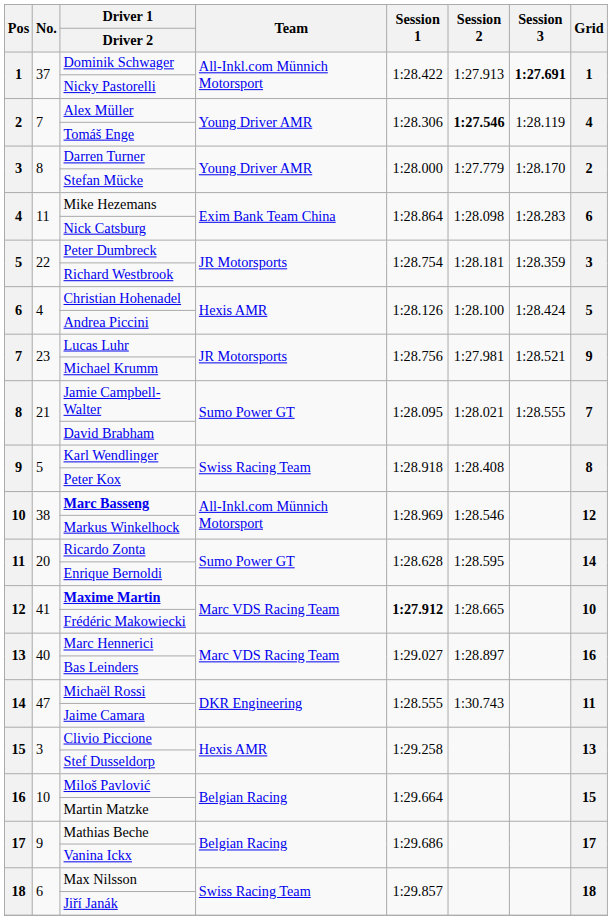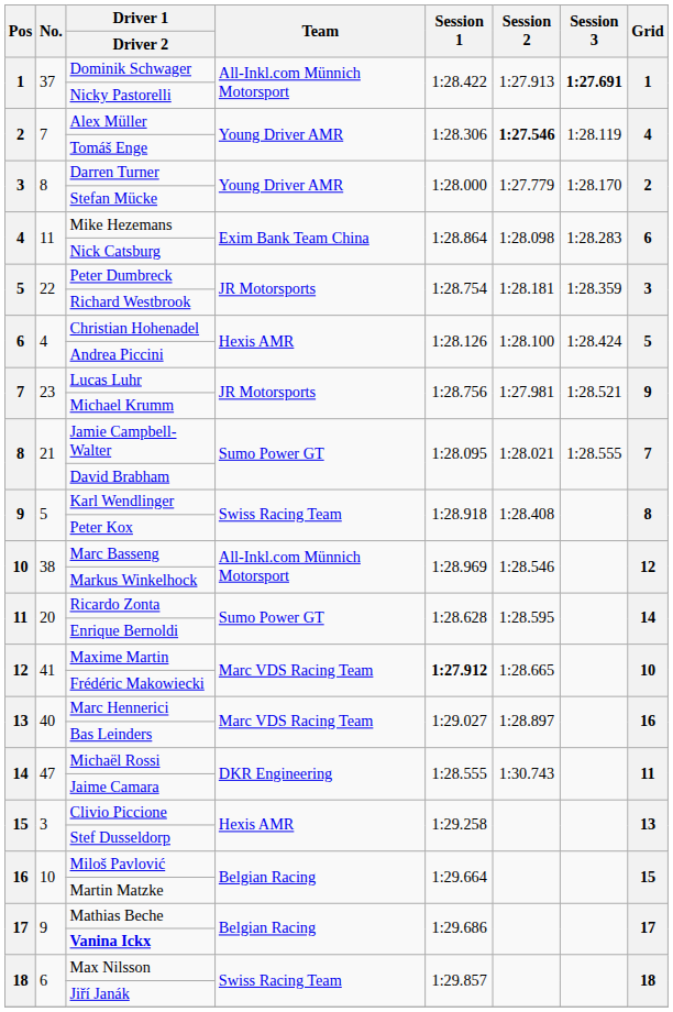 <table class="wikitable" style="font-size: 90%;">
 <tr>
 <th rowspan=2>Pos</th>
 <th rowspan=2>No.</th>
 <th>Driver 1</th>
 <th rowspan=2>Team</th>
 <th rowspan=2>Session 1</th>
 <th rowspan=2>Session 2</th>
 <th rowspan=2>Session 3</th>
 <th rowspan=2>Grid</th>
 </tr>
 <tr>
 <th>Driver 2</th>
 </tr>
 <tr>
 <th rowspan=2>1</th>
 <td rowspan=2>37</td>
 <td> <a href='#'>Dominik Schwager</a></td>
 <td rowspan=2> <a href='#'>All-Inkl.com Münnich Motorsport</a></td>
 <td rowspan=2 align="center">1:28.422</td>
 <td rowspan=2 align="center">1:27.913</td>
 <td rowspan=2 align="center"><strong>1:27.691</strong></td>
 <th rowspan=2>1</th>
 </tr>
 <tr>
 <td> <a href='#'>Nicky Pastorelli</a></td>
 </tr>
 <tr>
 <th rowspan=2>2</th>
 <td rowspan=2>7</td>
 <td> <a href='#'>Alex Müller</a></td>
 <td rowspan=2> <a href='#'>Young Driver AMR</a></td>
 <td rowspan=2 align="center">1:28.306</td>
 <td rowspan=2 align="center"><strong>1:27.546</strong></td>
 <td rowspan=2 align="center">1:28.119</td>
 <th rowspan=2>4</th>
 </tr>
 <tr>
 <td> <a href='#'>Tomáš Enge</a></td>
 </tr>
 <tr>
 <th rowspan=2>3</th>
 <td rowspan=2>8</td>
 <td> <a href='#'>Darren Turner</a></td>
 <td rowspan=2> <a href='#'>Young Driver AMR</a></td>
 <td rowspan=2 align="center">1:28.000</td>
 <td rowspan=2 align="center">1:27.779</td>
 <td rowspan=2 align="center">1:28.170</td>
 <th rowspan=2>2</th>
 </tr>
 <tr>
 <td> <a href='#'>Stefan Mücke</a></td>
 </tr>
 <tr>
 <th rowspan=2>4</th>
 <td rowspan=2>11</td>
 <td> Mike Hezemans</td>
 <td rowspan=2> <a href='#'>Exim Bank Team China</a></td>
 <td rowspan=2 align="center">1:28.864</td>
 <td rowspan=2 align="center">1:28.098</td>
 <td rowspan=2 align="center">1:28.283</td>
 <th rowspan=2>6</th>
 </tr>
 <tr>
 <td> <a href='#'>Nick Catsburg</a></td>
 </tr>
 <tr>
 <th rowspan=2>5</th>
 <td rowspan=2>22</td>
 <td> <a href='#'>Peter Dumbreck</a></td>
 <td rowspan=2> <a href='#'>JR Motorsports</a></td>
 <td rowspan=2 align="center">1:28.754</td>
 <td rowspan=2 align="center">1:28.181</td>
 <td rowspan=2 align="center">1:28.359</td>
 <th rowspan=2>3</th>
 </tr>
 <tr>
 <td> <a href='#'>Richard Westbrook</a></td>
 </tr>
 <tr>
 <th rowspan=2>6</th>
 <td rowspan=2>4</td>
 <td> <a href='#'>Christian Hohenadel</a></td>
 <td rowspan=2> <a href='#'>Hexis AMR</a></td>
 <td rowspan=2 align="center">1:28.126</td>
 <td rowspan=2 align="center">1:28.100</td>
 <td rowspan=2 align="center">1:28.424</td>
 <th rowspan=2>5</th>
 </tr>
 <tr>
 <td> <a href='#'>Andrea Piccini</a></td>
 </tr>
 <tr>
 <th rowspan=2>7</th>
 <td rowspan=2>23</td>
 <td> <a href='#'>Lucas Luhr</a></td>
 <td rowspan=2> <a href='#'>JR Motorsports</a></td>
 <td rowspan=2 align="center">1:28.756</td>
 <td rowspan=2 align="center">1:27.981</td>
 <td rowspan=2 align="center">1:28.521</td>
 <th rowspan=2>9</th>
 </tr>
 <tr>
 <td> <a href='#'>Michael Krumm</a></td>
 </tr>
 <tr>
 <th rowspan=2>8</th>
 <td rowspan=2>21</td>
 <td> <a href='#'>Jamie Campbell-Walter</a></td>
 <td rowspan=2> <a href='#'>Sumo Power GT</a></td>
 <td rowspan=2 align="center">1:28.095</td>
 <td rowspan=2 align="center">1:28.021</td>
 <td rowspan=2 align="center">1:28.555</td>
 <th rowspan=2>7</th>
 </tr>
 <tr>
 <td> <a href='#'>David Brabham</a></td>
 </tr>
 <tr>
 <th rowspan=2>9</th>
 <td rowspan=2>5</td>
 <td> <a href='#'>Karl Wendlinger</a></td>
 <td rowspan=2> <a href='#'>Swiss Racing Team</a></td>
 <td rowspan=2 align="center">1:28.918</td>
 <td rowspan=2 align="center">1:28.408</td>
 <td rowspan=2></td>
 <th rowspan=2>8</th>
 </tr>
 <tr>
 <td> <a href='#'>Peter Kox</a></td>
 </tr>
 <tr>
 <th rowspan=2>10</th>
 <td rowspan=2>38</td>
-<td><strong> <a href='#'>Marc Basseng</a></strong></td>
+<td> <a href='#'>Marc Basseng</a></td>
 <td rowspan=2> <a href='#'>All-Inkl.com Münnich Motorsport</a></td>
 <td rowspan=2 align="center">1:28.969</td>
 <td rowspan=2 align="center">1:28.546</td>
 <td rowspan=2></td>
 <th rowspan=2>12</th>
 </tr>
 <tr>
 <td> <a href='#'>Markus Winkelhock</a></td>
 </tr>
 <tr>
 <th rowspan=2>11</th>
 <td rowspan=2>20</td>
 <td> <a href='#'>Ricardo Zonta</a></td>
 <td rowspan=2> <a href='#'>Sumo Power GT</a></td>
 <td rowspan=2 align="center">1:28.628</td>
 <td rowspan=2 align="center">1:28.595</td>
 <td rowspan=2></td>
 <th rowspan=2>14</th>
 </tr>
 <tr>
 <td> <a href='#'>Enrique Bernoldi</a></td>
 </tr>
 <tr>
 <th rowspan=2>12</th>
 <td rowspan=2>41</td>
-<td><strong> <a href='#'>Maxime Martin</a></strong></td>
+<td> <a href='#'>Maxime Martin</a></td>
 <td rowspan=2> <a href='#'>Marc VDS Racing Team</a></td>
 <td rowspan=2 align="center"><strong>1:27.912</strong></td>
 <td rowspan=2 align="center">1:28.665</td>
 <td rowspan=2></td>
 <th rowspan=2>10</th>
 </tr>
 <tr>
 <td> <a href='#'>Frédéric Makowiecki</a></td>
 </tr>
 <tr>
 <th rowspan=2>13</th>
 <td rowspan=2>40</td>
 <td> <a href='#'>Marc Hennerici</a></td>
 <td rowspan=2> <a href='#'>Marc VDS Racing Team</a></td>
 <td rowspan=2 align="center">1:29.027</td>
 <td rowspan=2 align="center">1:28.897</td>
 <td rowspan=2></td>
 <th rowspan=2>16</th>
 </tr>
 <tr>
 <td> <a href='#'>Bas Leinders</a></td>
 </tr>
 <tr>
 <th rowspan=2>14</th>
 <td rowspan=2>47</td>
 <td> <a href='#'>Michaël Rossi</a></td>
 <td rowspan=2> <a href='#'>DKR Engineering</a></td>
 <td rowspan=2 align="center">1:28.555</td>
 <td rowspan=2 align="center">1:30.743</td>
 <td rowspan=2></td>
 <th rowspan=2>11</th>
 </tr>
 <tr>
 <td> <a href='#'>Jaime Camara</a></td>
 </tr>
 <tr>
 <th rowspan=2>15</th>
 <td rowspan=2>3</td>
 <td> <a href='#'>Clivio Piccione</a></td>
 <td rowspan=2> <a href='#'>Hexis AMR</a></td>
 <td rowspan=2 align="center">1:29.258</td>
 <td rowspan=2></td>
 <td rowspan=2></td>
 <th rowspan=2>13</th>
 </tr>
 <tr>
 <td> <a href='#'>Stef Dusseldorp</a></td>
 </tr>
 <tr>
 <th rowspan=2>16</th>
 <td rowspan=2>10</td>
 <td> <a href='#'>Miloš Pavlović</a></td>
 <td rowspan=2> <a href='#'>Belgian Racing</a></td>
 <td rowspan=2 align="center">1:29.664</td>
 <td rowspan=2></td>
 <td rowspan=2></td>
 <th rowspan=2>15</th>
 </tr>
 <tr>
 <td> Martin Matzke</td>
 </tr>
 <tr>
 <th rowspan=2>17</th>
 <td rowspan=2>9</td>
 <td> Mathias Beche</td>
 <td rowspan=2> <a href='#'>Belgian Racing</a></td>
 <td rowspan=2 align="center">1:29.686</td>
 <td rowspan=2></td>
 <td rowspan=2></td>
 <th rowspan=2>17</th>
 </tr>
 <tr>
-<td> <a href='#'>Vanina Ickx</a></td>
+<td><strong> <a href='#'>Vanina Ickx</a></strong></td>
 </tr>
 <tr>
 <th rowspan=2>18</th>
 <td rowspan=2>6</td>
 <td> Max Nilsson</td>
 <td rowspan=2> <a href='#'>Swiss Racing Team</a></td>
 <td rowspan=2 align="center">1:29.857</td>
 <td rowspan=2></td>
 <td rowspan=2></td>
 <th rowspan=2>18</th>
 </tr>
 <tr>
 <td> <a href='#'>Jiří Janák</a></td>
 </tr>
 <tr>
 </tr>
 </table>
